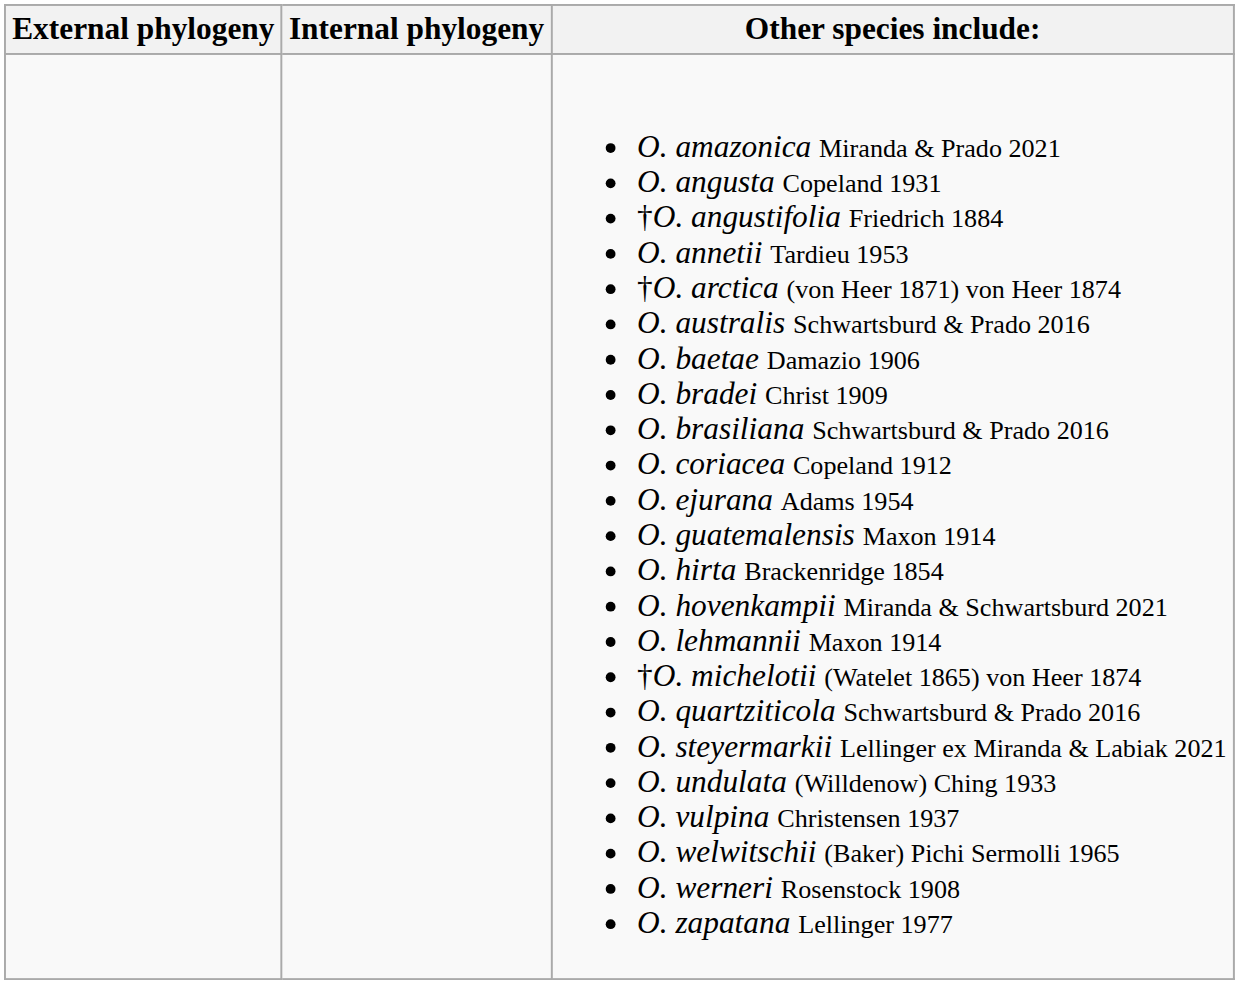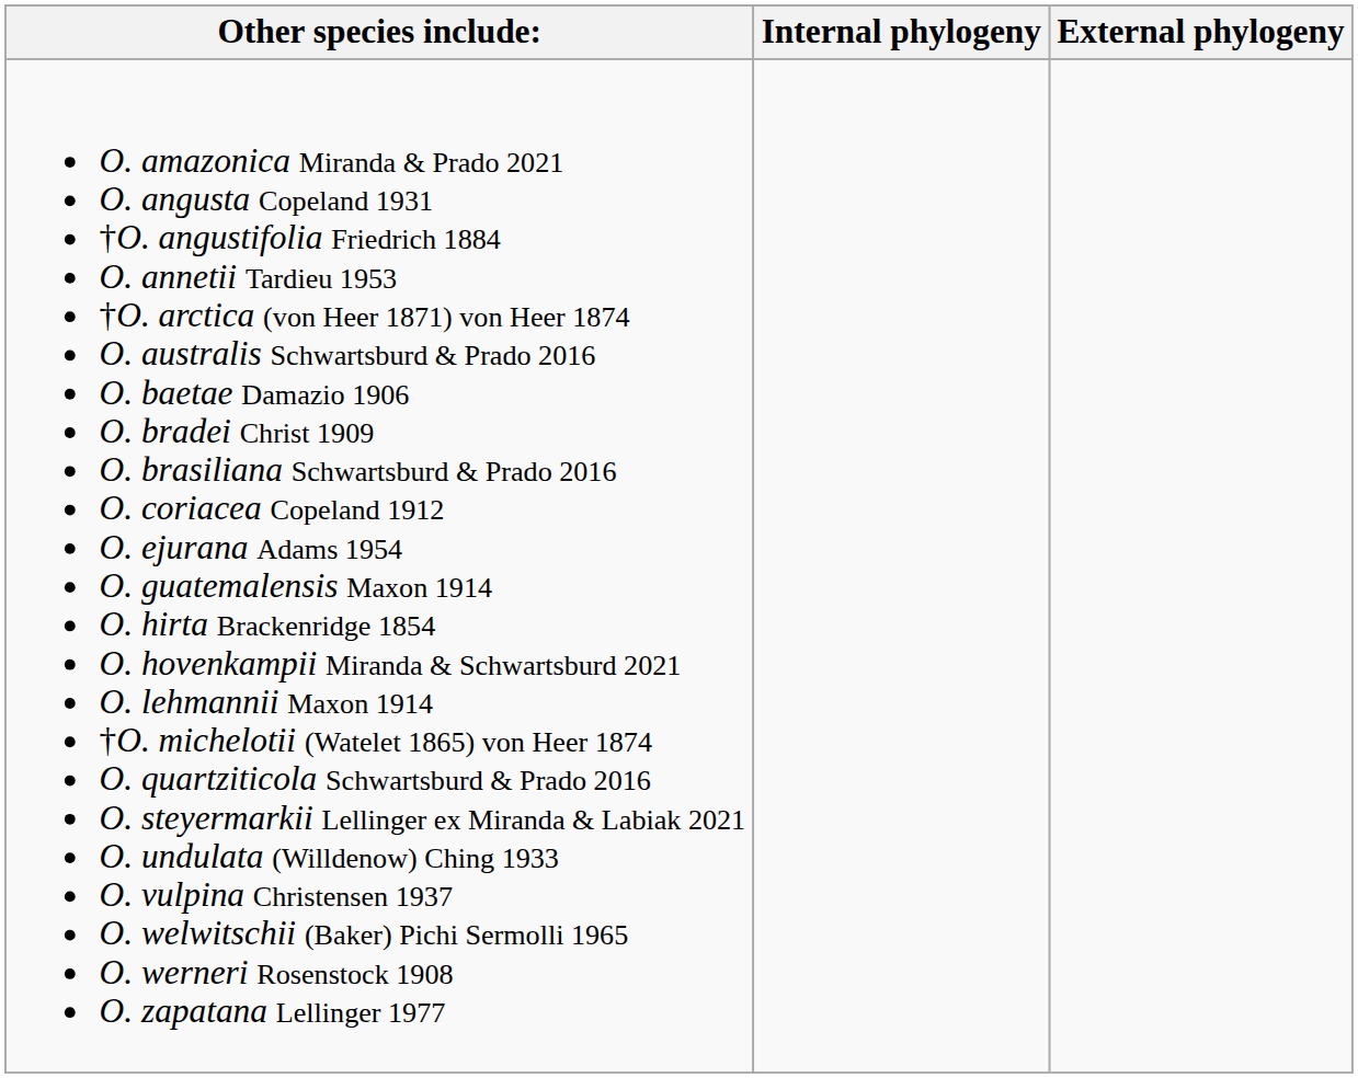 <table class="wikitable">
 <tr>
+<th colspan=1>Other species include:</th>
+<th colspan=1>Internal phylogeny</th>
 <th colspan=1>External phylogeny</th>
-<th colspan=1>Internal phylogeny</th>
-<th colspan=1>Other species include:</th>
 </tr>
 <tr>
+<td><br><ul><li><em>O. amazonica</em> <small>Miranda & Prado 2021</small></li><li><em>O. angusta</em> <small>Copeland 1931</small></li><li>†<em>O. angustifolia</em> <small>Friedrich 1884</small></li><li><em>O. annetii</em> <small>Tardieu 1953</small></li><li>†<em>O. arctica</em> <small>(von Heer 1871) von Heer 1874</small></li><li><em>O. australis</em> <small>Schwartsburd & Prado 2016</small></li><li><em>O. baetae</em> <small>Damazio 1906</small></li><li><em>O. bradei</em> <small>Christ 1909</small></li><li><em>O. brasiliana</em> <small>Schwartsburd & Prado 2016</small></li><li><em>O. coriacea</em> <small>Copeland 1912</small></li><li><em>O. ejurana</em> <small>Adams 1954</small></li><li><em>O. guatemalensis</em> <small>Maxon 1914</small></li><li><em>O. hirta</em> <small>Brackenridge 1854</small></li><li><em>O. hovenkampii</em> <small>Miranda & Schwartsburd 2021</small></li><li><em>O. lehmannii</em> <small>Maxon 1914</small></li><li>†<em>O. michelotii</em> <small>(Watelet 1865) von Heer 1874</small></li><li><em>O. quartziticola</em> <small>Schwartsburd & Prado 2016</small></li><li><em>O. steyermarkii</em> <small>Lellinger ex Miranda & Labiak 2021</small></li><li><em>O. undulata</em> <small>(Willdenow) Ching 1933</small></li><li><em>O. vulpina</em> <small>Christensen 1937</small></li><li><em>O. welwitschii</em> <small>(Baker) Pichi Sermolli 1965</small></li><li><em>O. werneri</em> <small>Rosenstock 1908</small></li><li><em>O. zapatana</em> <small>Lellinger 1977</small></li></ul></td>
+<td><br></td>
 <td style="vertical-align:top"><br></td>
-<td><br></td>
-<td><br><ul><li><em>O. amazonica</em> <small>Miranda & Prado 2021</small></li><li><em>O. angusta</em> <small>Copeland 1931</small></li><li>†<em>O. angustifolia</em> <small>Friedrich 1884</small></li><li><em>O. annetii</em> <small>Tardieu 1953</small></li><li>†<em>O. arctica</em> <small>(von Heer 1871) von Heer 1874</small></li><li><em>O. australis</em> <small>Schwartsburd & Prado 2016</small></li><li><em>O. baetae</em> <small>Damazio 1906</small></li><li><em>O. bradei</em> <small>Christ 1909</small></li><li><em>O. brasiliana</em> <small>Schwartsburd & Prado 2016</small></li><li><em>O. coriacea</em> <small>Copeland 1912</small></li><li><em>O. ejurana</em> <small>Adams 1954</small></li><li><em>O. guatemalensis</em> <small>Maxon 1914</small></li><li><em>O. hirta</em> <small>Brackenridge 1854</small></li><li><em>O. hovenkampii</em> <small>Miranda & Schwartsburd 2021</small></li><li><em>O. lehmannii</em> <small>Maxon 1914</small></li><li>†<em>O. michelotii</em> <small>(Watelet 1865) von Heer 1874</small></li><li><em>O. quartziticola</em> <small>Schwartsburd & Prado 2016</small></li><li><em>O. steyermarkii</em> <small>Lellinger ex Miranda & Labiak 2021</small></li><li><em>O. undulata</em> <small>(Willdenow) Ching 1933</small></li><li><em>O. vulpina</em> <small>Christensen 1937</small></li><li><em>O. welwitschii</em> <small>(Baker) Pichi Sermolli 1965</small></li><li><em>O. werneri</em> <small>Rosenstock 1908</small></li><li><em>O. zapatana</em> <small>Lellinger 1977</small></li></ul></td>
 </tr>
 </table>
